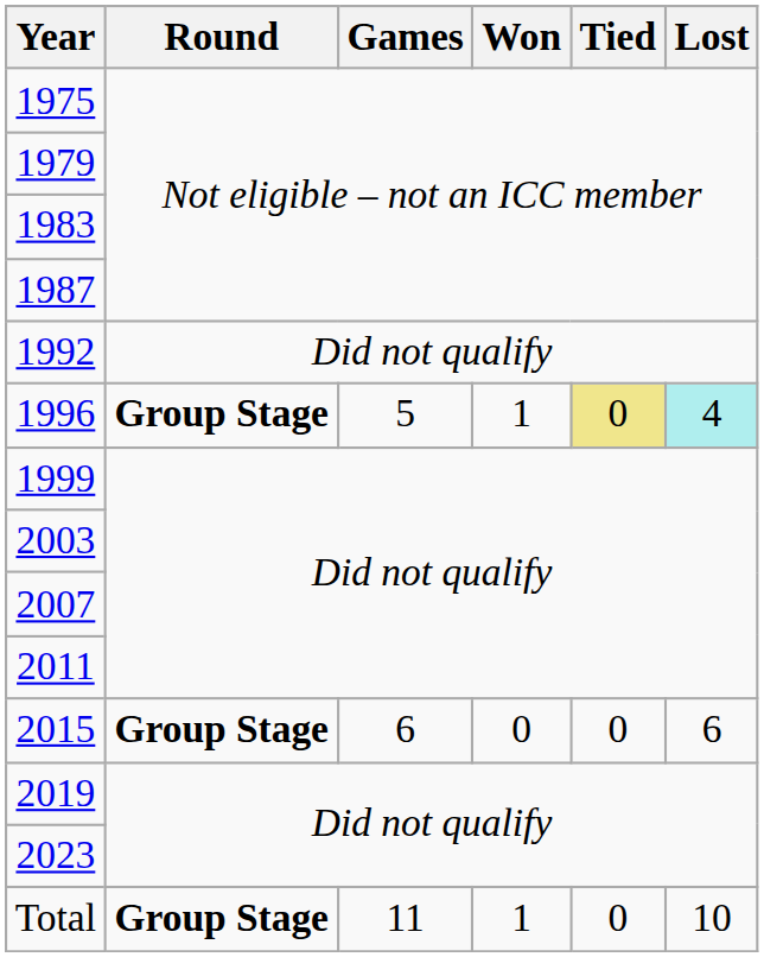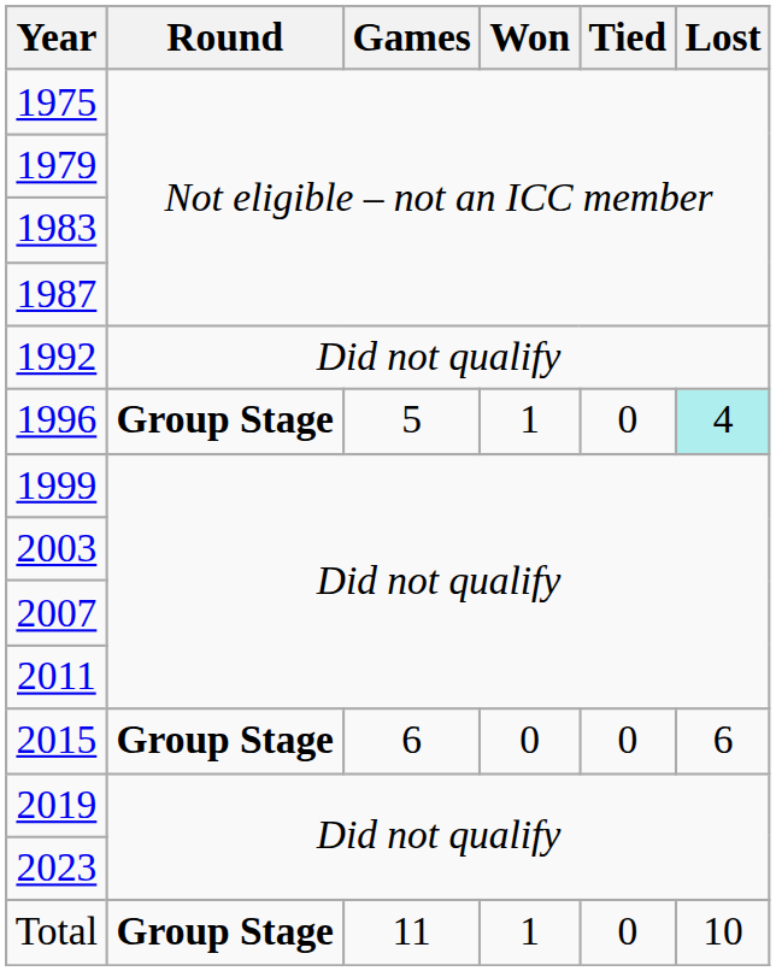 <table class="wikitable" style="text-align: center;">
 <tr>
 <th>Year</th>
 <th>Round</th>
 <th>Games</th>
 <th>Won</th>
 <th>Tied</th>
 <th>Lost</th>
 </tr>
 <tr>
 <td><a href='#'>1975</a></td>
 <td colspan="7" rowspan=4><em>Not eligible – not an ICC member</em></td>
 </tr>
 <tr>
 <td><a href='#'>1979</a></td>
 </tr>
 <tr>
 <td><a href='#'>1983</a></td>
 </tr>
 <tr>
 <td><a href='#'>1987</a></td>
 </tr>
 <tr>
 <td><a href='#'>1992</a></td>
 <td colspan="7" rowspan=1><em>Did not qualify</em></td>
 </tr>
 <tr>
 <td><a href='#'>1996</a></td>
 <td><strong>Group Stage</strong></td>
 <td>5</td>
 <td>1</td>
-<td style="background: khaki;">0</td>
+<td>0</td>
 <td style="background: paleturquoise;">4</td>
 </tr>
 <tr>
 <td><a href='#'>1999</a></td>
 <td colspan="7" rowspan=4><em>Did not qualify</em></td>
 </tr>
 <tr>
 <td><a href='#'>2003</a></td>
 </tr>
 <tr>
 <td><a href='#'>2007</a></td>
 </tr>
 <tr>
 <td><a href='#'>2011</a></td>
 </tr>
 <tr>
 <td><a href='#'>2015</a></td>
 <td><strong>Group Stage</strong></td>
 <td>6</td>
 <td>0</td>
 <td>0</td>
 <td>6</td>
 </tr>
 <tr>
 <td><a href='#'>2019</a></td>
 <td colspan="7" rowspan=2><em>Did not qualify</em></td>
 </tr>
 <tr>
 <td><a href='#'>2023</a></td>
 </tr>
 <tr>
 <td>Total</td>
 <td><strong>Group Stage</strong></td>
 <td>11</td>
 <td>1</td>
 <td>0</td>
 <td>10</td>
 </tr>
 </table>
